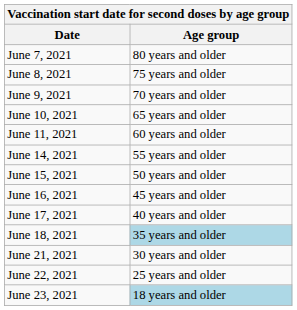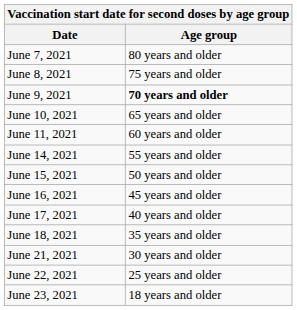 <table class="wikitable">
 <tr>
 <th colspan="2">Vaccination start date for second doses by age group</th>
 </tr>
 <tr>
 <th>Date</th>
 <th>Age group</th>
 </tr>
 <tr>
 <td>June 7, 2021</td>
 <td>80 years and older</td>
 </tr>
 <tr>
 <td>June 8, 2021</td>
 <td>75 years and older</td>
 </tr>
 <tr>
 <td>June 9, 2021</td>
-<td>70 years and older</td>
+<td><strong>70 years and older</strong></td>
 </tr>
 <tr>
 <td>June 10, 2021</td>
 <td>65 years and older</td>
 </tr>
 <tr>
 <td>June 11, 2021</td>
 <td>60 years and older</td>
 </tr>
 <tr>
 <td>June 14, 2021</td>
 <td>55 years and older</td>
 </tr>
 <tr>
 <td>June 15, 2021</td>
 <td>50 years and older</td>
 </tr>
 <tr>
 <td>June 16, 2021</td>
 <td>45 years and older</td>
 </tr>
 <tr>
 <td>June 17, 2021</td>
 <td>40 years and older</td>
 </tr>
 <tr>
 <td>June 18, 2021</td>
-<td style="background: lightblue;">35 years and older</td>
+<td>35 years and older</td>
 </tr>
 <tr>
 <td>June 21, 2021</td>
 <td>30 years and older</td>
 </tr>
 <tr>
 <td>June 22, 2021</td>
 <td>25 years and older</td>
 </tr>
 <tr>
 <td>June 23, 2021</td>
-<td style="background: lightblue;">18 years and older</td>
+<td>18 years and older</td>
 </tr>
 </table>
